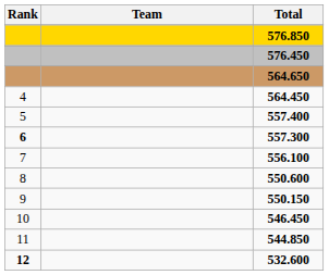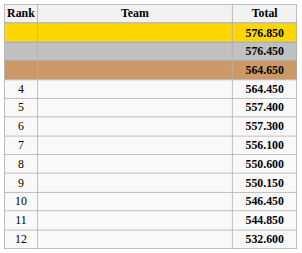 <table class="wikitable" style="text-align:center">
 <tr>
 <th>Rank</th>
 <th style="width:16em">Team</th>
 <th style="width:5em">Total</th>
 </tr>
 <tr>
 </tr>
 <tr bgcolor=gold>
 <td></td>
 <td align=left></td>
 <td><strong>576.850</strong></td>
 </tr>
 <tr>
 </tr>
 <tr bgcolor=silver>
 <td></td>
 <td align=left></td>
 <td><strong>576.450</strong></td>
 </tr>
 <tr>
 </tr>
 <tr bgcolor=#CC9966>
 <td></td>
 <td align=left></td>
 <td><strong>564.650</strong></td>
 </tr>
 <tr>
 <td>4</td>
 <td align=left></td>
 <td><strong>564.450</strong></td>
 </tr>
 <tr>
 <td>5</td>
 <td align=left></td>
 <td><strong>557.400</strong></td>
 </tr>
 <tr>
-<td><strong>6</strong></td>
+<td>6</td>
 <td align=left></td>
 <td><strong>557.300</strong></td>
 </tr>
 <tr>
 <td>7</td>
 <td align=left></td>
 <td><strong>556.100</strong></td>
 </tr>
 <tr>
 <td>8</td>
 <td align=left></td>
 <td><strong>550.600</strong></td>
 </tr>
 <tr>
 <td>9</td>
 <td align=left></td>
 <td><strong>550.150</strong></td>
 </tr>
 <tr>
 <td>10</td>
 <td align=left></td>
 <td><strong>546.450</strong></td>
 </tr>
 <tr>
 <td>11</td>
 <td align=left></td>
 <td><strong>544.850</strong></td>
 </tr>
 <tr>
-<td><strong>12</strong></td>
+<td>12</td>
 <td align=left></td>
 <td><strong>532.600</strong></td>
 </tr>
 </table>
